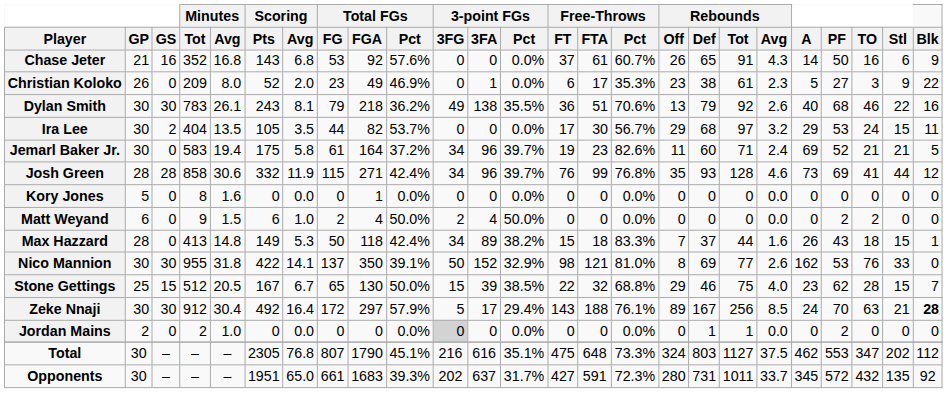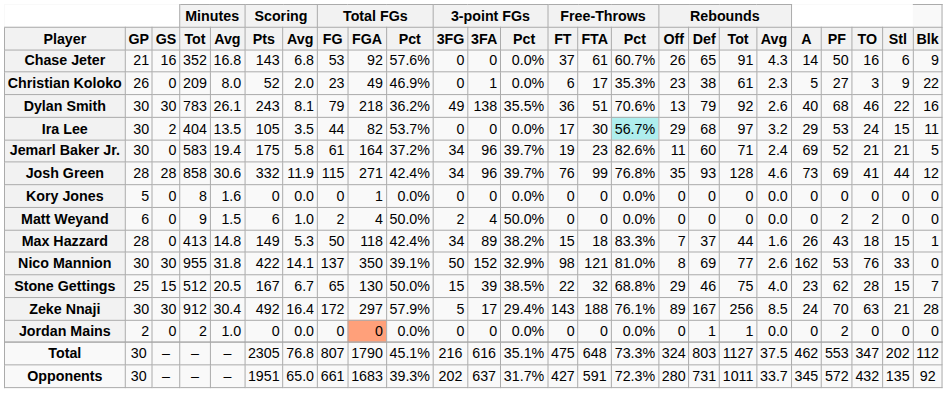 <table class="wikitable sortable" border="1" style="font-size:90%;">
 <tr>
 <th colspan="3" style="border-top-style:hidden; border-left-style:hidden; background: white;"></th>
 <th colspan="2" style=>Minutes</th>
 <th colspan="2" style=>Scoring</th>
 <th colspan="3" style=>Total FGs</th>
 <th colspan="3" style=>3-point FGs</th>
 <th colspan="3" style=>Free-Throws</th>
 <th colspan="4" style=>Rebounds</th>
 <th colspan="4" style="border-top-style:hidden; border-right-style:hidden; background: white;"></th>
 </tr>
 <tr>
 <th scope="col" style=>Player</th>
 <th scope="col" style=>GP</th>
 <th scope="col" style=>GS</th>
 <th scope="col" style=>Tot</th>
 <th scope="col" style=>Avg</th>
 <th scope="col" style=>Pts</th>
 <th scope="col" style=>Avg</th>
 <th scope="col" style=>FG</th>
 <th scope="col" style=>FGA</th>
 <th scope="col" style=>Pct</th>
 <th scope="col" style=>3FG</th>
 <th scope="col" style=>3FA</th>
 <th scope="col" style=>Pct</th>
 <th scope="col" style=>FT</th>
 <th scope="col" style=>FTA</th>
 <th scope="col" style=>Pct</th>
 <th scope="col" style=>Off</th>
 <th scope="col" style=>Def</th>
 <th scope="col" style=>Tot</th>
 <th scope="col" style=>Avg</th>
 <th scope="col" style=>A</th>
 <th scope="col">PF</th>
 <th scope="col">TO</th>
 <th scope="col" style=>Stl</th>
 <th scope="col" style=>Blk</th>
 </tr>
 <tr>
 <th style=white-space:nowrap>Chase Jeter</th>
 <td align="right">21</td>
 <td align="right">16</td>
 <td align="right">352</td>
 <td align="right">16.8</td>
 <td align="right">143</td>
 <td align="right">6.8</td>
 <td align="right">53</td>
 <td align="right">92</td>
 <td align="right">57.6%</td>
 <td align="right">0</td>
 <td align="right">0</td>
 <td align="right">0.0%</td>
 <td align="right">37</td>
 <td align="right">61</td>
 <td align="right">60.7%</td>
 <td align="right">26</td>
 <td align="right">65</td>
 <td align="right">91</td>
 <td align="right">4.3</td>
 <td align="right">14</td>
 <td align="right">50</td>
 <td align="right">16</td>
 <td align="right">6</td>
 <td align="right">9</td>
 </tr>
 <tr>
 <th style=white-space:nowrap>Christian Koloko</th>
 <td align="right">26</td>
 <td align="right">0</td>
 <td align="right">209</td>
 <td align="right">8.0</td>
 <td align="right">52</td>
 <td align="right">2.0</td>
 <td align="right">23</td>
 <td align="right">49</td>
 <td align="right">46.9%</td>
 <td align="right">0</td>
 <td align="right">1</td>
 <td align="right">0.0%</td>
 <td align="right">6</td>
 <td align="right">17</td>
 <td align="right">35.3%</td>
 <td align="right">23</td>
 <td align="right">38</td>
 <td align="right">61</td>
 <td align="right">2.3</td>
 <td align="right">5</td>
 <td align="right">27</td>
 <td align="right">3</td>
 <td align="right">9</td>
 <td align="right">22</td>
 </tr>
 <tr>
 <th style=white-space:nowrap>Dylan Smith</th>
 <td align="right">30</td>
 <td align="right">30</td>
 <td align="right">783</td>
 <td align="right">26.1</td>
 <td align="right">243</td>
 <td align="right">8.1</td>
 <td align="right">79</td>
 <td align="right">218</td>
 <td align="right">36.2%</td>
 <td align="right">49</td>
 <td align="right">138</td>
 <td align="right">35.5%</td>
 <td align="right">36</td>
 <td align="right">51</td>
 <td align="right">70.6%</td>
 <td align="right">13</td>
 <td align="right">79</td>
 <td align="right">92</td>
 <td align="right">2.6</td>
 <td align="right">40</td>
 <td align="right">68</td>
 <td align="right">46</td>
 <td align="right">22</td>
 <td align="right">16</td>
 </tr>
 <tr>
 <th style=white-space:nowrap>Ira Lee</th>
 <td align="right">30</td>
 <td align="right">2</td>
 <td align="right">404</td>
 <td align="right">13.5</td>
 <td align="right">105</td>
 <td align="right">3.5</td>
 <td align="right">44</td>
 <td align="right">82</td>
 <td align="right">53.7%</td>
 <td align="right">0</td>
 <td align="right">0</td>
 <td align="right">0.0%</td>
 <td align="right">17</td>
 <td align="right">30</td>
-<td align="right">56.7%</td>
+<td align="right" style="background: paleturquoise;">56.7%</td>
 <td align="right">29</td>
 <td align="right">68</td>
 <td align="right">97</td>
 <td align="right">3.2</td>
 <td align="right">29</td>
 <td align="right">53</td>
 <td align="right">24</td>
 <td align="right">15</td>
 <td align="right">11</td>
 </tr>
 <tr>
 <th style=white-space:nowrap>Jemarl Baker Jr.</th>
 <td align="right">30</td>
 <td align="right">0</td>
 <td align="right">583</td>
 <td align="right">19.4</td>
 <td align="right">175</td>
 <td align="right">5.8</td>
 <td align="right">61</td>
 <td align="right">164</td>
 <td align="right">37.2%</td>
 <td align="right">34</td>
 <td align="right">96</td>
 <td align="right">39.7%</td>
 <td align="right">19</td>
 <td align="right">23</td>
 <td align="right">82.6%</td>
 <td align="right">11</td>
 <td align="right">60</td>
 <td align="right">71</td>
 <td align="right">2.4</td>
 <td align="right">69</td>
 <td align="right">52</td>
 <td align="right">21</td>
 <td align="right">21</td>
 <td align="right">5</td>
 </tr>
 <tr>
 <th style=white-space:nowrap>Josh Green</th>
 <td align="right">28</td>
 <td align="right">28</td>
 <td align="right">858</td>
 <td align="right">30.6</td>
 <td align="right">332</td>
 <td align="right">11.9</td>
 <td align="right">115</td>
 <td align="right">271</td>
 <td align="right">42.4%</td>
 <td align="right">34</td>
 <td align="right">96</td>
 <td align="right">39.7%</td>
 <td align="right">76</td>
 <td align="right">99</td>
 <td align="right">76.8%</td>
 <td align="right">35</td>
 <td align="right">93</td>
 <td align="right">128</td>
 <td align="right">4.6</td>
 <td align="right">73</td>
 <td align="right">69</td>
 <td align="right">41</td>
 <td align="right">44</td>
 <td align="right">12</td>
 </tr>
 <tr>
 <th style=white-space:nowrap>Kory Jones</th>
 <td align="right">5</td>
 <td align="right">0</td>
 <td align="right">8</td>
 <td align="right">1.6</td>
 <td align="right">0</td>
 <td align="right">0.0</td>
 <td align="right">0</td>
 <td align="right">1</td>
 <td align="right">0.0%</td>
 <td align="right">0</td>
 <td align="right">0</td>
 <td align="right">0.0%</td>
 <td align="right">0</td>
 <td align="right">0</td>
 <td align="right">0.0%</td>
 <td align="right">0</td>
 <td align="right">0</td>
 <td align="right">0</td>
 <td align="right">0.0</td>
 <td align="right">0</td>
 <td align="right">0</td>
 <td align="right">0</td>
 <td align="right">0</td>
 <td align="right">0</td>
 </tr>
 <tr>
 <th style=white-space:nowrap>Matt Weyand</th>
 <td align="right">6</td>
 <td align="right">0</td>
 <td align="right">9</td>
 <td align="right">1.5</td>
 <td align="right">6</td>
 <td align="right">1.0</td>
 <td align="right">2</td>
 <td align="right">4</td>
 <td align="right">50.0%</td>
 <td align="right">2</td>
 <td align="right">4</td>
 <td align="right">50.0%</td>
 <td align="right">0</td>
 <td align="right">0</td>
 <td align="right">0.0%</td>
 <td align="right">0</td>
 <td align="right">0</td>
 <td align="right">0</td>
 <td align="right">0.0</td>
 <td align="right">0</td>
 <td align="right">2</td>
 <td align="right">2</td>
 <td align="right">0</td>
 <td align="right">0</td>
 </tr>
 <tr>
 <th style=white-space:nowrap>Max Hazzard</th>
 <td align="right">28</td>
 <td align="right">0</td>
 <td align="right">413</td>
 <td align="right">14.8</td>
 <td align="right">149</td>
 <td align="right">5.3</td>
 <td align="right">50</td>
 <td align="right">118</td>
 <td align="right">42.4%</td>
 <td align="right">34</td>
 <td align="right">89</td>
 <td align="right">38.2%</td>
 <td align="right">15</td>
 <td align="right">18</td>
 <td align="right">83.3%</td>
 <td align="right">7</td>
 <td align="right">37</td>
 <td align="right">44</td>
 <td align="right">1.6</td>
 <td align="right">26</td>
 <td align="right">43</td>
 <td align="right">18</td>
 <td align="right">15</td>
 <td align="right">1</td>
 </tr>
 <tr>
 <th style=white-space:nowrap>Nico Mannion</th>
 <td align="right">30</td>
 <td align="right">30</td>
 <td align="right">955</td>
 <td align="right">31.8</td>
 <td align="right">422</td>
 <td align="right">14.1</td>
 <td align="right">137</td>
 <td align="right">350</td>
 <td align="right">39.1%</td>
 <td align="right">50</td>
 <td align="right">152</td>
 <td align="right">32.9%</td>
 <td align="right">98</td>
 <td align="right">121</td>
 <td align="right">81.0%</td>
 <td align="right">8</td>
 <td align="right">69</td>
 <td align="right">77</td>
 <td align="right">2.6</td>
 <td align="right">162</td>
 <td align="right">53</td>
 <td align="right">76</td>
 <td align="right">33</td>
 <td align="right">0</td>
 </tr>
 <tr>
 <th style=white-space:nowrap>Stone Gettings</th>
 <td align="right">25</td>
 <td align="right">15</td>
 <td align="right">512</td>
 <td align="right">20.5</td>
 <td align="right">167</td>
 <td align="right">6.7</td>
 <td align="right">65</td>
 <td align="right">130</td>
 <td align="right">50.0%</td>
 <td align="right">15</td>
 <td align="right">39</td>
 <td align="right">38.5%</td>
 <td align="right">22</td>
 <td align="right">32</td>
 <td align="right">68.8%</td>
 <td align="right">29</td>
 <td align="right">46</td>
 <td align="right">75</td>
 <td align="right">4.0</td>
 <td align="right">23</td>
 <td align="right">62</td>
 <td align="right">28</td>
 <td align="right">15</td>
 <td align="right">7</td>
 </tr>
 <tr>
 <th style=white-space:nowrap>Zeke Nnaji</th>
 <td align="right">30</td>
 <td align="right">30</td>
 <td align="right">912</td>
 <td align="right">30.4</td>
 <td align="right">492</td>
 <td align="right">16.4</td>
 <td align="right">172</td>
 <td align="right">297</td>
 <td align="right">57.9%</td>
 <td align="right">5</td>
 <td align="right">17</td>
 <td align="right">29.4%</td>
 <td align="right">143</td>
 <td align="right">188</td>
 <td align="right">76.1%</td>
 <td align="right">89</td>
 <td align="right">167</td>
 <td align="right">256</td>
 <td align="right">8.5</td>
 <td align="right">24</td>
 <td align="right">70</td>
 <td align="right">63</td>
 <td align="right">21</td>
-<td align="right"><strong>28</strong></td>
+<td align="right">28</td>
 </tr>
 <tr>
 <th>Jordan Mains</th>
 <td align="right">2</td>
 <td align="right">0</td>
 <td align="right">2</td>
 <td align="right">1.0</td>
 <td align="right">0</td>
 <td align="right">0.0</td>
 <td align="right">0</td>
+<td align="right" style="background: lightsalmon;">0</td>
+<td align="right">0.0%</td>
 <td align="right">0</td>
-<td align="right">0.0%</td>
-<td align="right" style="background: lightgrey;">0</td>
 <td align="right">0</td>
 <td align="right">0.0%</td>
 <td align="right">0</td>
 <td align="right">0</td>
 <td align="right">0.0%</td>
 <td align="right">0</td>
 <td align="right">1</td>
 <td align="right">1</td>
 <td align="right">0.0</td>
 <td align="right">0</td>
 <td align="right">2</td>
 <td align="right">0</td>
 <td align="right">0</td>
 <td align="right">0</td>
 </tr>
 <tr>
 </tr>
 <tr class="sortbottom">
 <td align="center" style=><strong>Total</strong></td>
 <td align="center" style=>30</td>
 <td align="center" style=>–</td>
 <td align="center" style=>–</td>
 <td align="center" style=>–</td>
 <td align="center" style=>2305</td>
 <td align="center" style=>76.8</td>
 <td align="center" style=>807</td>
 <td align="center" style=>1790</td>
 <td align="center" style=>45.1%</td>
 <td align="center" style=>216</td>
 <td align="center" style=>616</td>
 <td align="center" style=>35.1%</td>
 <td align="center" style=>475</td>
 <td align="center" style=>648</td>
 <td align="center" style=>73.3%</td>
 <td align="center" style=>324</td>
 <td align="center" style=>803</td>
 <td align="center" style=>1127</td>
 <td align="center" style=>37.5</td>
 <td align="center" style=>462</td>
 <td align="center" style=>553</td>
 <td align="center">347</td>
 <td align="center">202</td>
 <td align="center">112</td>
 </tr>
 <tr class="sortbottom">
 <td align="center"><strong>Opponents</strong></td>
 <td align="center">30</td>
 <td align="center">–</td>
 <td align="center">–</td>
 <td align="center">–</td>
 <td align="center">1951</td>
 <td align="center">65.0</td>
 <td align="center">661</td>
 <td align="center">1683</td>
 <td align="center">39.3%</td>
 <td align="center">202</td>
 <td align="center">637</td>
 <td align="center">31.7%</td>
 <td align="center">427</td>
 <td align="center">591</td>
 <td align="center">72.3%</td>
 <td align="center">280</td>
 <td align="center">731</td>
 <td align="center">1011</td>
 <td align="center">33.7</td>
 <td align="center">345</td>
 <td align="center">572</td>
 <td align="center">432</td>
 <td align="center">135</td>
 <td align="center">92</td>
 </tr>
 </table>
